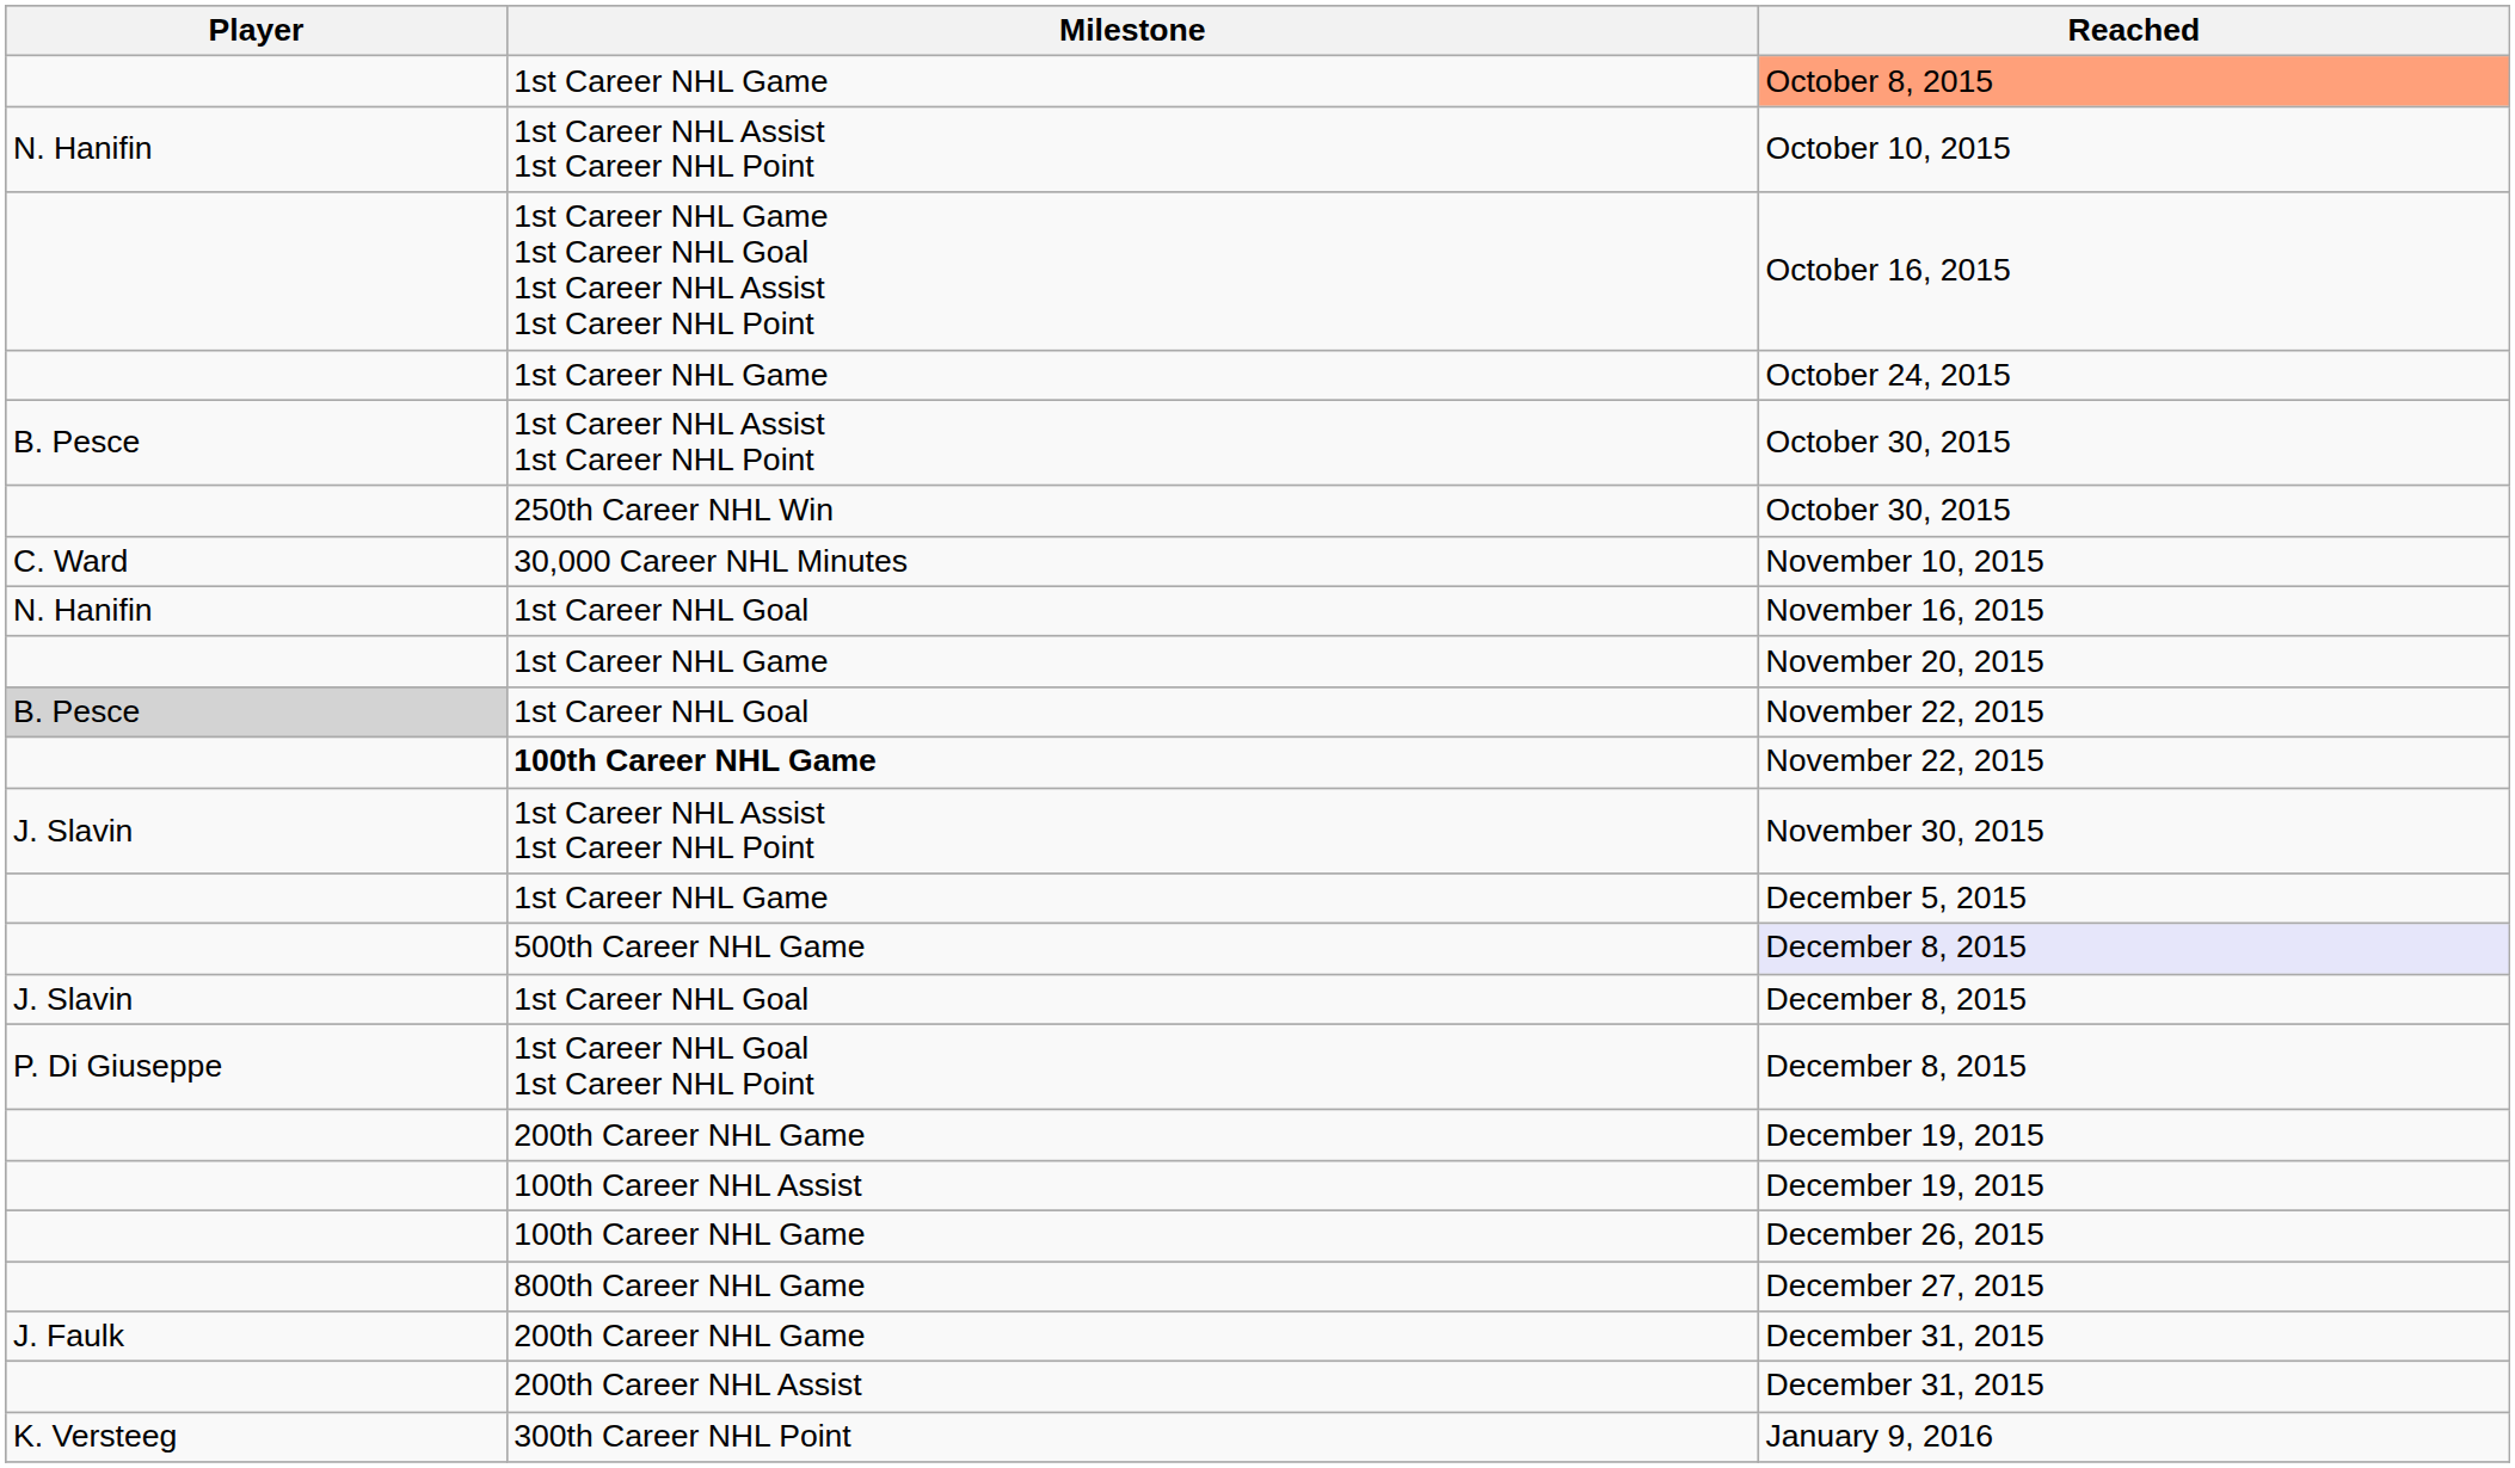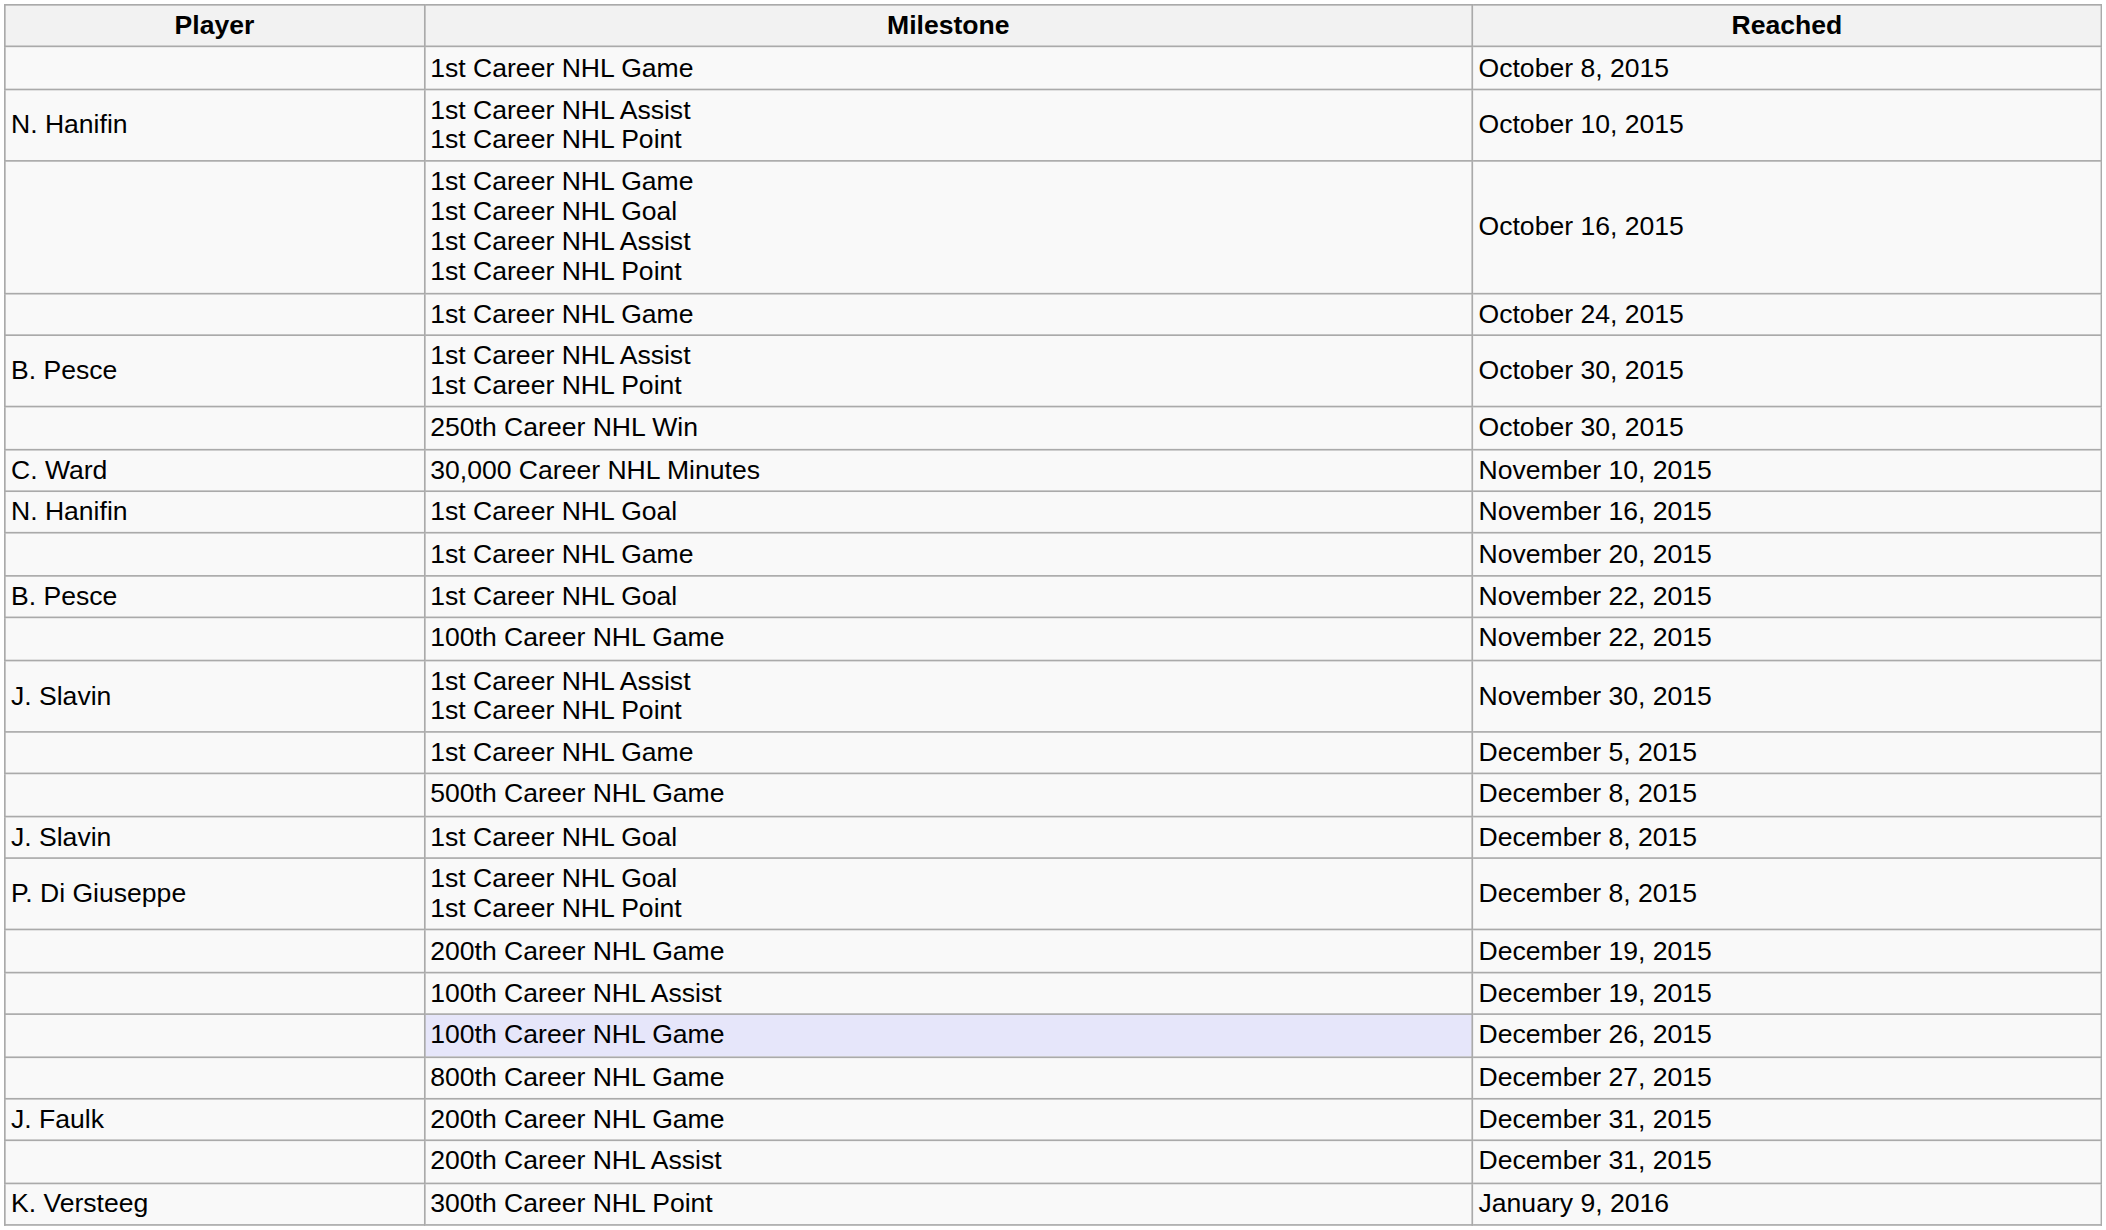 <table class="wikitable sortable" style="width:100%;">
 <tr align=center>
 <th style="width:20%;">Player</th>
 <th style="width:50%;">Milestone</th>
 <th style="width:30%;" data-sort-type="date">Reached</th>
 </tr>
 <tr>
 <td></td>
 <td>1st Career NHL Game</td>
-<td style="background: lightsalmon;">October 8, 2015</td>
+<td>October 8, 2015</td>
 </tr>
 <tr>
 <td>N. Hanifin</td>
 <td>1st Career NHL Assist<br>1st Career NHL Point</td>
 <td>October 10, 2015</td>
 </tr>
 <tr>
 <td></td>
 <td>1st Career NHL Game<br>1st Career NHL Goal<br>1st Career NHL Assist<br>1st Career NHL Point</td>
 <td>October 16, 2015</td>
 </tr>
 <tr>
 <td></td>
 <td>1st Career NHL Game</td>
 <td>October 24, 2015</td>
 </tr>
 <tr>
 <td>B. Pesce</td>
 <td>1st Career NHL Assist<br>1st Career NHL Point</td>
 <td>October 30, 2015</td>
 </tr>
 <tr>
 <td></td>
 <td>250th Career NHL Win</td>
 <td>October 30, 2015</td>
 </tr>
 <tr>
 <td>C. Ward</td>
 <td>30,000 Career NHL Minutes</td>
 <td>November 10, 2015</td>
 </tr>
 <tr>
 <td>N. Hanifin</td>
 <td>1st Career NHL Goal</td>
 <td>November 16, 2015</td>
 </tr>
 <tr>
 <td></td>
 <td>1st Career NHL Game</td>
 <td>November 20, 2015</td>
 </tr>
 <tr>
-<td style="background: lightgrey;">B. Pesce</td>
+<td>B. Pesce</td>
 <td>1st Career NHL Goal</td>
 <td>November 22, 2015</td>
 </tr>
 <tr>
 <td></td>
-<td><strong>100th Career NHL Game</strong></td>
+<td>100th Career NHL Game</td>
 <td>November 22, 2015</td>
 </tr>
 <tr>
 <td>J. Slavin</td>
 <td>1st Career NHL Assist<br>1st Career NHL Point</td>
 <td>November 30, 2015</td>
 </tr>
 <tr>
 <td></td>
 <td>1st Career NHL Game</td>
 <td>December 5, 2015</td>
 </tr>
 <tr>
 <td></td>
 <td>500th Career NHL Game</td>
-<td style="background: lavender;">December 8, 2015</td>
+<td>December 8, 2015</td>
 </tr>
 <tr>
 <td>J. Slavin</td>
 <td>1st Career NHL Goal</td>
 <td>December 8, 2015</td>
 </tr>
 <tr>
 <td>P. Di Giuseppe</td>
 <td>1st Career NHL Goal<br>1st Career NHL Point</td>
 <td>December 8, 2015</td>
 </tr>
 <tr>
 <td></td>
 <td>200th Career NHL Game</td>
 <td>December 19, 2015</td>
 </tr>
 <tr>
 <td></td>
 <td>100th Career NHL Assist</td>
 <td>December 19, 2015</td>
 </tr>
 <tr>
 <td></td>
-<td>100th Career NHL Game</td>
+<td style="background: lavender;">100th Career NHL Game</td>
 <td>December 26, 2015</td>
 </tr>
 <tr>
 <td></td>
 <td>800th Career NHL Game</td>
 <td>December 27, 2015</td>
 </tr>
 <tr>
 <td>J. Faulk</td>
 <td>200th Career NHL Game</td>
 <td>December 31, 2015</td>
 </tr>
 <tr>
 <td></td>
 <td>200th Career NHL Assist</td>
 <td>December 31, 2015</td>
 </tr>
 <tr>
 <td>K. Versteeg</td>
 <td>300th Career NHL Point</td>
 <td>January 9, 2016</td>
 </tr>
 </table>
